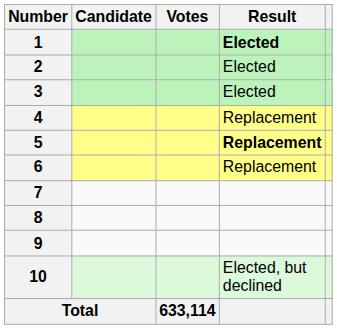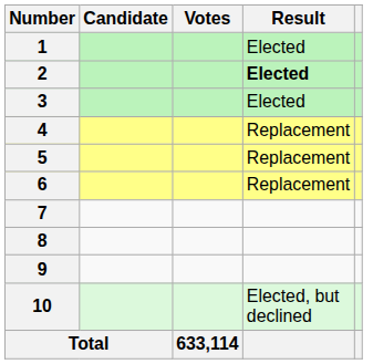 <table class="wikitable sortable">
 <tr>
 <th scope="col">Number</th>
 <th scope="col">Candidate</th>
 <th scope="col">Votes</th>
 <th scope="col">Result</th>
 <th scope="col" class="unsortable"></th>
 </tr>
 <tr bgcolor=bbf3bb>
 <th scope="row">1</th>
 <td></td>
 <td style="text-align:right"></td>
-<td><strong>Elected</strong></td>
+<td>Elected</td>
 <td></td>
 </tr>
 <tr bgcolor=bbf3bb>
 <th scope="row">2</th>
 <td></td>
 <td style="text-align:right"></td>
-<td>Elected</td>
+<td><strong>Elected</strong></td>
 <td></td>
 </tr>
 <tr bgcolor=bbf3bb>
 <th scope="row">3</th>
 <td></td>
 <td style="text-align:right"></td>
 <td>Elected</td>
 <td></td>
 </tr>
 <tr bgcolor=#FF8>
 <th scope="row">4</th>
 <td></td>
 <td style="text-align:right"></td>
 <td>Replacement</td>
 <td></td>
 </tr>
 <tr bgcolor=#FF8>
 <th scope="row">5</th>
 <td></td>
 <td style="text-align:right"></td>
-<td><strong>Replacement</strong></td>
+<td>Replacement</td>
 <td></td>
 </tr>
 <tr bgcolor=#FF8>
 <th scope="row">6</th>
 <td></td>
 <td style="text-align:right"></td>
 <td>Replacement</td>
 <td></td>
 </tr>
 <tr>
 <th scope="row">7</th>
 <td></td>
 <td style="text-align:right"></td>
 <td></td>
 <td></td>
 </tr>
 <tr>
 <th scope="row">8</th>
 <td></td>
 <td style="text-align:right"></td>
 <td></td>
 <td></td>
 </tr>
 <tr>
 <th scope="row">9</th>
 <td></td>
 <td style="text-align:right"></td>
 <td></td>
 <td></td>
 </tr>
 <tr bgcolor=dcf9dc>
 <th scope="row">10</th>
 <td></td>
 <td style="text-align:right"></td>
 <td>Elected, but<br>declined</td>
 <td></td>
 </tr>
 <tr class="sortbottom">
 <th scope="row" colspan="2">Total</th>
 <th style="text-align:right">633,114</th>
 <th></th>
 <th></th>
 </tr>
 </table>
